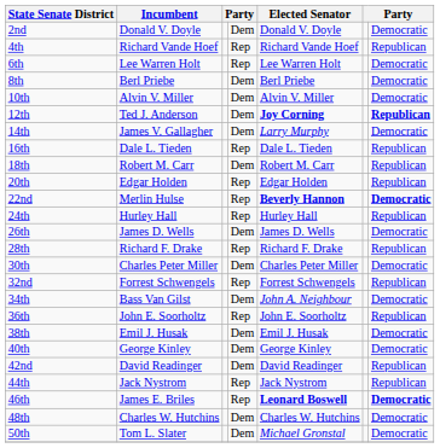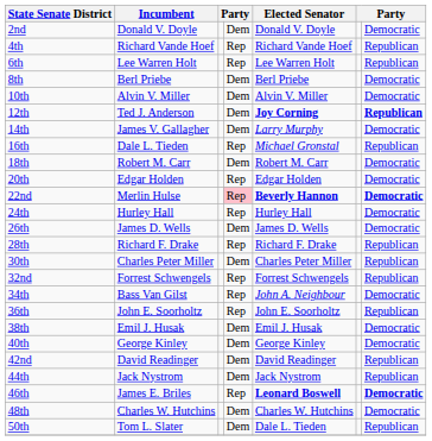 <table class="sortable wikitable" style="font-size:95%;line-height:14px;">
 <tr>
 <th class="unsortable"><a href='#'>State Senate</a> District</th>
 <th class="unsortable"><a href='#'>Incumbent</a></th>
 <th colspan="2">Party</th>
 <th class="unsortable">Elected Senator</th>
 <th colspan="2">Party</th>
 </tr>
 <tr>
 <td><a href='#'>2nd</a></td>
 <td><a href='#'>Donald V. Doyle</a></td>
 <td style="background:"></td>
 <td>Dem</td>
 <td><a href='#'>Donald V. Doyle</a></td>
 <td style="background:"></td>
 <td><a href='#'>Democratic</a></td>
 </tr>
 <tr>
 <td><a href='#'>4th</a></td>
 <td><a href='#'>Richard Vande Hoef</a></td>
 <td style="background:"></td>
 <td>Rep</td>
 <td><a href='#'>Richard Vande Hoef</a></td>
 <td style="background:"></td>
 <td><a href='#'>Republican</a></td>
 </tr>
 <tr>
 <td><a href='#'>6th</a></td>
 <td><a href='#'>Lee Warren Holt</a></td>
 <td style="background:"></td>
 <td>Rep</td>
 <td><a href='#'>Lee Warren Holt</a></td>
 <td style="background:"></td>
-<td><a href='#'>Democratic</a></td>
+<td><a href='#'>Republican</a></td>
 </tr>
 <tr>
 <td><a href='#'>8th</a></td>
 <td><a href='#'>Berl Priebe</a></td>
 <td style="background:"></td>
 <td>Dem</td>
 <td><a href='#'>Berl Priebe</a></td>
 <td style="background:"></td>
 <td><a href='#'>Democratic</a></td>
 </tr>
 <tr>
 <td><a href='#'>10th</a></td>
 <td><a href='#'>Alvin V. Miller</a></td>
 <td style="background:"></td>
 <td>Dem</td>
 <td><a href='#'>Alvin V. Miller</a></td>
 <td style="background:"></td>
 <td><a href='#'>Democratic</a></td>
 </tr>
 <tr>
 <td><a href='#'>12th</a></td>
 <td><a href='#'>Ted J. Anderson</a></td>
 <td style="background:"></td>
 <td>Dem</td>
 <td><strong><a href='#'>Joy Corning</a></strong></td>
 <td style="background:"></td>
 <td><strong><a href='#'>Republican</a></strong></td>
 </tr>
 <tr>
 <td><a href='#'>14th</a></td>
 <td><a href='#'>James V. Gallagher</a></td>
 <td style="background:"></td>
 <td>Dem</td>
 <td><em><a href='#'>Larry Murphy</a></em></td>
 <td style="background:"></td>
 <td><a href='#'>Democratic</a></td>
 </tr>
 <tr>
 <td><a href='#'>16th</a></td>
 <td><a href='#'>Dale L. Tieden</a></td>
 <td style="background:"></td>
 <td>Rep</td>
-<td><a href='#'>Dale L. Tieden</a></td>
+<td><em><a href='#'>Michael Gronstal</a></em></td>
 <td style="background:"></td>
 <td><a href='#'>Republican</a></td>
 </tr>
 <tr>
 <td><a href='#'>18th</a></td>
 <td><a href='#'>Robert M. Carr</a></td>
 <td style="background:"></td>
 <td>Dem</td>
 <td><a href='#'>Robert M. Carr</a></td>
 <td style="background:"></td>
-<td><a href='#'>Republican</a></td>
+<td><a href='#'>Democratic</a></td>
 </tr>
 <tr>
 <td><a href='#'>20th</a></td>
 <td><a href='#'>Edgar Holden</a></td>
 <td style="background:"></td>
 <td>Rep</td>
 <td><a href='#'>Edgar Holden</a></td>
 <td style="background:"></td>
-<td><a href='#'>Republican</a></td>
+<td><a href='#'>Democratic</a></td>
 </tr>
 <tr>
 <td><a href='#'>22nd</a></td>
 <td><a href='#'>Merlin Hulse</a></td>
 <td style="background:"></td>
-<td>Rep</td>
+<td style="background: pink;">Rep</td>
 <td><strong><a href='#'>Beverly Hannon</a></strong></td>
 <td style="background:"></td>
 <td><strong><a href='#'>Democratic</a></strong></td>
 </tr>
 <tr>
 <td><a href='#'>24th</a></td>
 <td><a href='#'>Hurley Hall</a></td>
 <td style="background:"></td>
 <td>Rep</td>
 <td><a href='#'>Hurley Hall</a></td>
 <td style="background:"></td>
-<td><a href='#'>Republican</a></td>
+<td><a href='#'>Democratic</a></td>
 </tr>
 <tr>
 <td><a href='#'>26th</a></td>
 <td><a href='#'>James D. Wells</a></td>
 <td style="background:"></td>
 <td>Dem</td>
 <td><a href='#'>James D. Wells</a></td>
 <td style="background:"></td>
 <td><a href='#'>Democratic</a></td>
 </tr>
 <tr>
 <td><a href='#'>28th</a></td>
 <td><a href='#'>Richard F. Drake</a></td>
 <td style="background:"></td>
 <td>Rep</td>
 <td><a href='#'>Richard F. Drake</a></td>
 <td style="background:"></td>
 <td><a href='#'>Republican</a></td>
 </tr>
 <tr>
 <td><a href='#'>30th</a></td>
 <td><a href='#'>Charles Peter Miller</a></td>
 <td style="background:"></td>
 <td>Dem</td>
 <td><a href='#'>Charles Peter Miller</a></td>
 <td style="background:"></td>
-<td><a href='#'>Democratic</a></td>
+<td><a href='#'>Republican</a></td>
 </tr>
 <tr>
 <td><a href='#'>32nd</a></td>
 <td><a href='#'>Forrest Schwengels</a></td>
 <td style="background:"></td>
 <td>Rep</td>
 <td><a href='#'>Forrest Schwengels</a></td>
 <td style="background:"></td>
 <td><a href='#'>Republican</a></td>
 </tr>
 <tr>
 <td><a href='#'>34th</a></td>
 <td><a href='#'>Bass Van Gilst</a></td>
 <td style="background:"></td>
-<td>Dem</td>
+<td>Rep</td>
 <td><em><a href='#'>John A. Neighbour</a></em></td>
 <td style="background:"></td>
 <td><a href='#'>Democratic</a></td>
 </tr>
 <tr>
 <td><a href='#'>36th</a></td>
 <td><a href='#'>John E. Soorholtz</a></td>
 <td style="background:"></td>
 <td>Rep</td>
 <td><a href='#'>John E. Soorholtz</a></td>
 <td style="background:"></td>
 <td><a href='#'>Republican</a></td>
 </tr>
 <tr>
 <td><a href='#'>38th</a></td>
 <td><a href='#'>Emil J. Husak</a></td>
 <td style="background:"></td>
 <td>Dem</td>
 <td><a href='#'>Emil J. Husak</a></td>
 <td style="background:"></td>
 <td><a href='#'>Democratic</a></td>
 </tr>
 <tr>
 <td><a href='#'>40th</a></td>
 <td><a href='#'>George Kinley</a></td>
 <td style="background:"></td>
 <td>Dem</td>
 <td><a href='#'>George Kinley</a></td>
 <td style="background:"></td>
 <td><a href='#'>Democratic</a></td>
 </tr>
 <tr>
 <td><a href='#'>42nd</a></td>
 <td><a href='#'>David Readinger</a></td>
 <td style="background:"></td>
 <td>Dem</td>
 <td><a href='#'>David Readinger</a></td>
 <td style="background:"></td>
 <td><a href='#'>Republican</a></td>
 </tr>
 <tr>
 <td><a href='#'>44th</a></td>
 <td><a href='#'>Jack Nystrom</a></td>
 <td style="background:"></td>
-<td>Rep</td>
+<td>Dem</td>
 <td><a href='#'>Jack Nystrom</a></td>
 <td style="background:"></td>
 <td><a href='#'>Republican</a></td>
 </tr>
 <tr>
 <td><a href='#'>46th</a></td>
 <td><a href='#'>James E. Briles</a></td>
 <td style="background:"></td>
 <td>Rep</td>
 <td><strong><a href='#'>Leonard Boswell</a></strong></td>
 <td style="background:"></td>
 <td><strong><a href='#'>Democratic</a></strong></td>
 </tr>
 <tr>
 <td><a href='#'>48th</a></td>
 <td><a href='#'>Charles W. Hutchins</a></td>
 <td style="background:"></td>
 <td>Dem</td>
 <td><a href='#'>Charles W. Hutchins</a></td>
 <td style="background:"></td>
 <td><a href='#'>Democratic</a></td>
 </tr>
 <tr>
 <td><a href='#'>50th</a></td>
 <td><a href='#'>Tom L. Slater</a></td>
 <td style="background:"></td>
 <td>Dem</td>
-<td><em><a href='#'>Michael Gronstal</a></em></td>
+<td><a href='#'>Dale L. Tieden</a></td>
 <td style="background:"></td>
-<td><a href='#'>Democratic</a></td>
+<td><a href='#'>Republican</a></td>
 </tr>
 <tr>
 </tr>
 </table>
